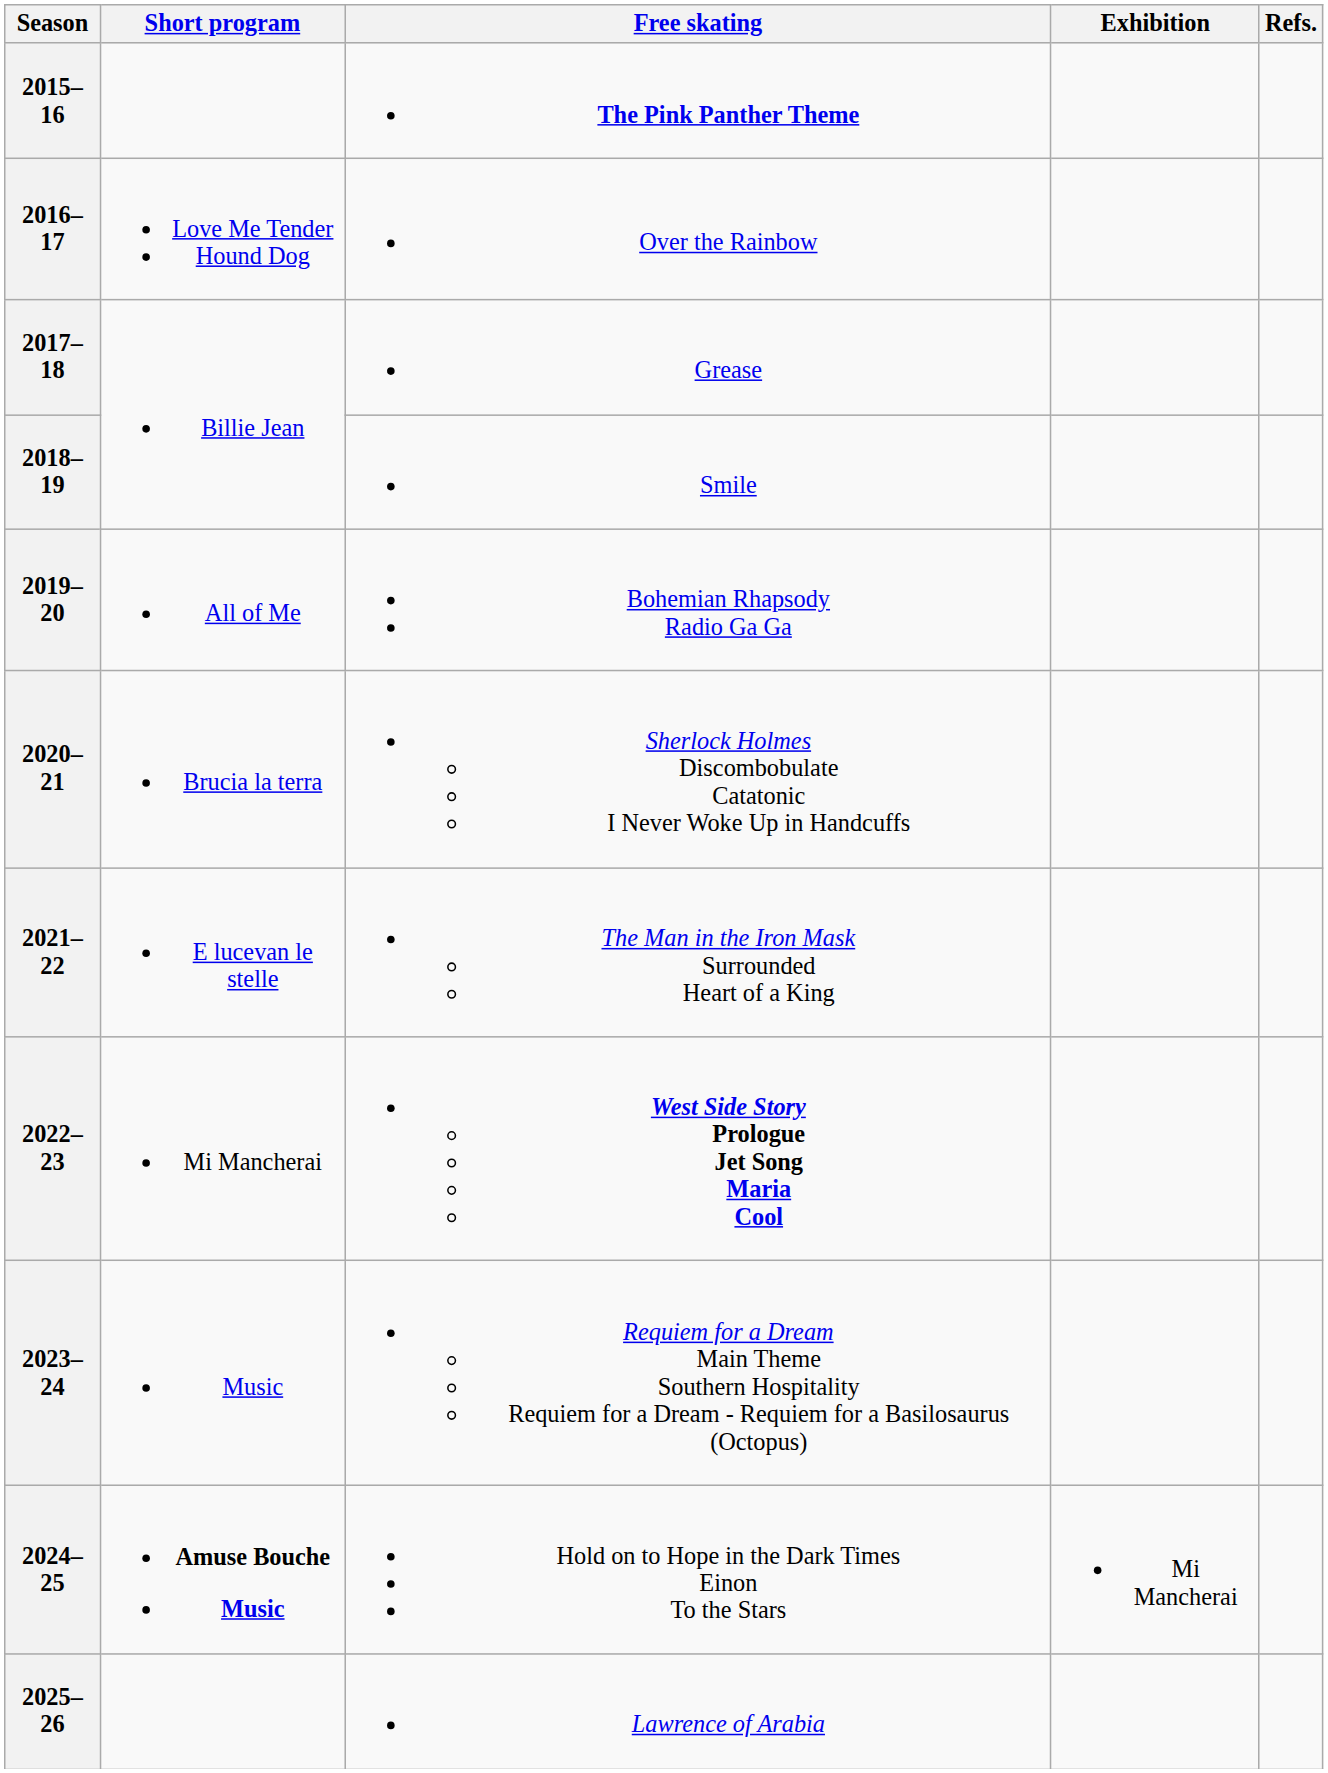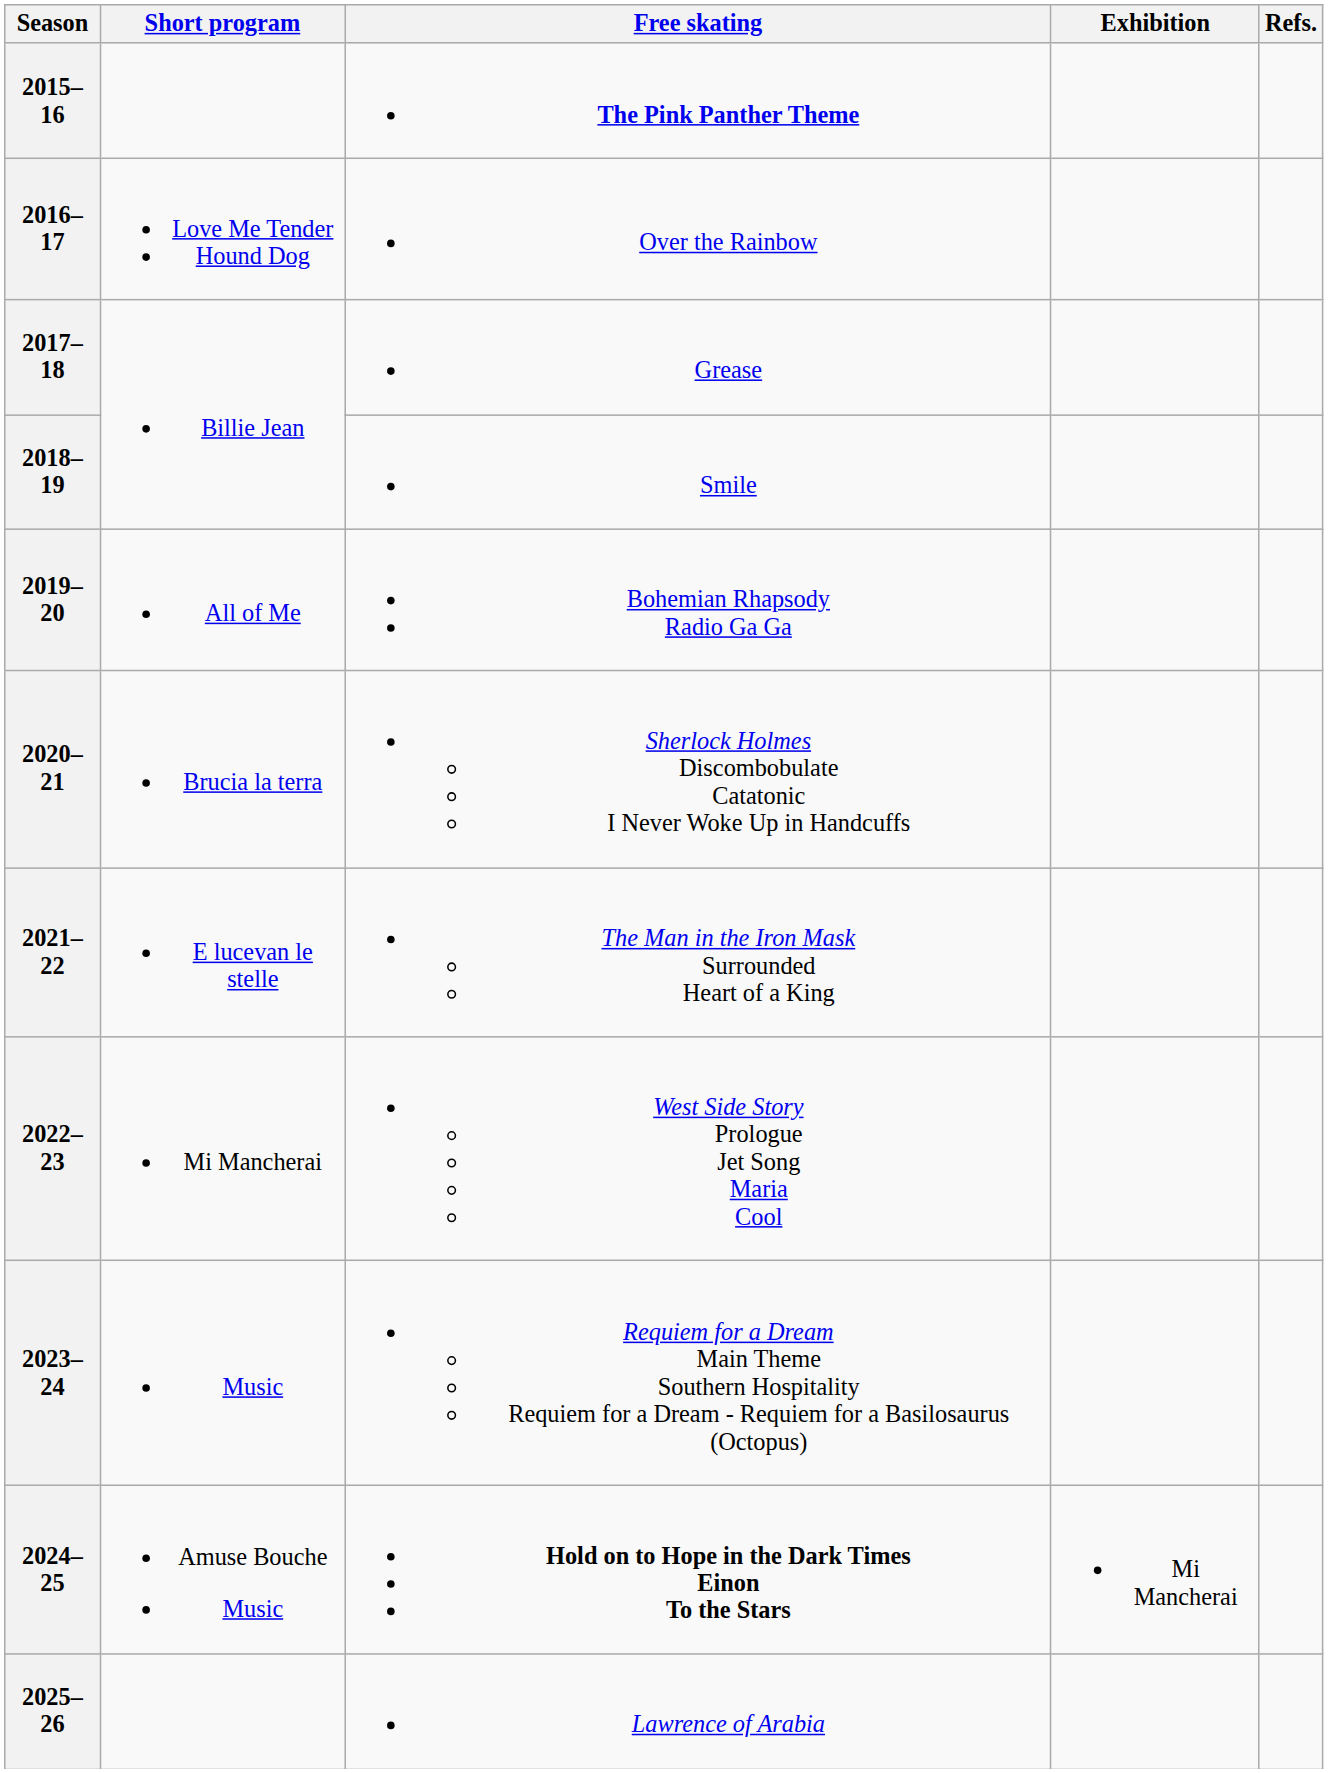 <table class=wikitable style=text-align:center>
 <tr>
 <th>Season</th>
 <th><a href='#'>Short program</a></th>
 <th><a href='#'>Free skating</a></th>
 <th>Exhibition</th>
 <th>Refs.</th>
 </tr>
 <tr>
 <th>2015–16</th>
 <td></td>
 <td><strong><br><ul><li><a href='#'>The Pink Panther Theme</a> <br> </li></ul></strong></td>
 <td></td>
 <td></td>
 </tr>
 <tr>
 <th>2016–17</th>
 <td><br><ul><li><a href='#'>Love Me Tender</a></li><li><a href='#'>Hound Dog</a><br></li></ul></td>
 <td><br><ul><li><a href='#'>Over the Rainbow</a> <br> </li></ul></td>
 <td></td>
 <td></td>
 </tr>
 <tr>
 <th>2017–18</th>
 <td rowspan="2"><br><ul><li><a href='#'>Billie Jean</a> <br></li></ul></td>
 <td><br><ul><li><a href='#'>Grease</a> <br> </li></ul></td>
 <td></td>
 <td></td>
 </tr>
 <tr>
 <th>2018–19</th>
 <td><br><ul><li><a href='#'>Smile</a> <br></li></ul></td>
 <td></td>
 <td></td>
 </tr>
 <tr>
 <th>2019–20</th>
 <td><br><ul><li><a href='#'>All of Me</a> <br></li></ul></td>
 <td><br><ul><li><a href='#'>Bohemian Rhapsody</a></li><li><a href='#'>Radio Ga Ga</a> <br></li></ul></td>
 <td></td>
 <td></td>
 </tr>
 <tr>
 <th>2020–21 <br></th>
 <td><br><ul><li><a href='#'>Brucia la terra</a> <br></li></ul></td>
 <td><br><ul><li><em><a href='#'>Sherlock Holmes</a></em><ul><li>Discombobulate</li><li>Catatonic</li><li>I Never Woke Up in Handcuffs <br></li></ul></li></ul></td>
 <td></td>
 <td></td>
 </tr>
 <tr>
 <th>2021–22 <br></th>
 <td><br><ul><li><a href='#'>E lucevan le stelle</a> <br></li></ul></td>
 <td><br><ul><li><em><a href='#'>The Man in the Iron Mask</a></em><ul><li>Surrounded</li><li>Heart of a King <br></li></ul></li></ul></td>
 <td></td>
 <td></td>
 </tr>
 <tr>
 <th>2022–23 <br></th>
 <td><br><ul><li>Mi Mancherai <br></li></ul></td>
-<td><strong><br><ul><li><em><a href='#'>West Side Story</a></em> <br> <ul><li>Prologue</li><li>Jet Song <br></li><li><a href='#'>Maria</a> <br></li><li><a href='#'>Cool</a> <br></li></ul></li></ul></strong></td>
+<td><br><ul><li><em><a href='#'>West Side Story</a></em> <br> <ul><li>Prologue</li><li>Jet Song <br></li><li><a href='#'>Maria</a> <br></li><li><a href='#'>Cool</a> <br></li></ul></li></ul></td>
 <td></td>
 <td></td>
 </tr>
 <tr>
 <th>2023–24</th>
 <td><br><ul><li><a href='#'>Music</a> <br></li></ul></td>
 <td><br><ul><li><em><a href='#'>Requiem for a Dream</a></em> <br><ul><li>Main Theme <br></li><li>Southern Hospitality <br></li><li>Requiem for a Dream - Requiem for a Basilosaurus (Octopus) <br></li></ul></li></ul></td>
 <td></td>
 <td></td>
 </tr>
 <tr>
 <th>2024–25</th>
-<td><strong><br><ul><li>Amuse Bouche <br></li></ul><ul><li><a href='#'>Music</a> <br></li></ul></strong></td>
-<td><br><ul><li>Hold on to Hope in the Dark Times <br></li><li>Einon</li><li>To the Stars <br></li></ul></td>
+<td><br><ul><li>Amuse Bouche <br></li></ul><ul><li><a href='#'>Music</a> <br></li></ul></td>
+<td><strong><br><ul><li>Hold on to Hope in the Dark Times <br></li><li>Einon</li><li>To the Stars <br></li></ul></strong></td>
 <td><br><ul><li>Mi Mancherai <br></li></ul></td>
 <td></td>
 </tr>
 <tr>
 <th>2025–26</th>
 <td></td>
 <td><br><ul><li><em><a href='#'>Lawrence of Arabia</a></em> <br></li></ul></td>
 <td></td>
 <td></td>
 </tr>
 </table>
